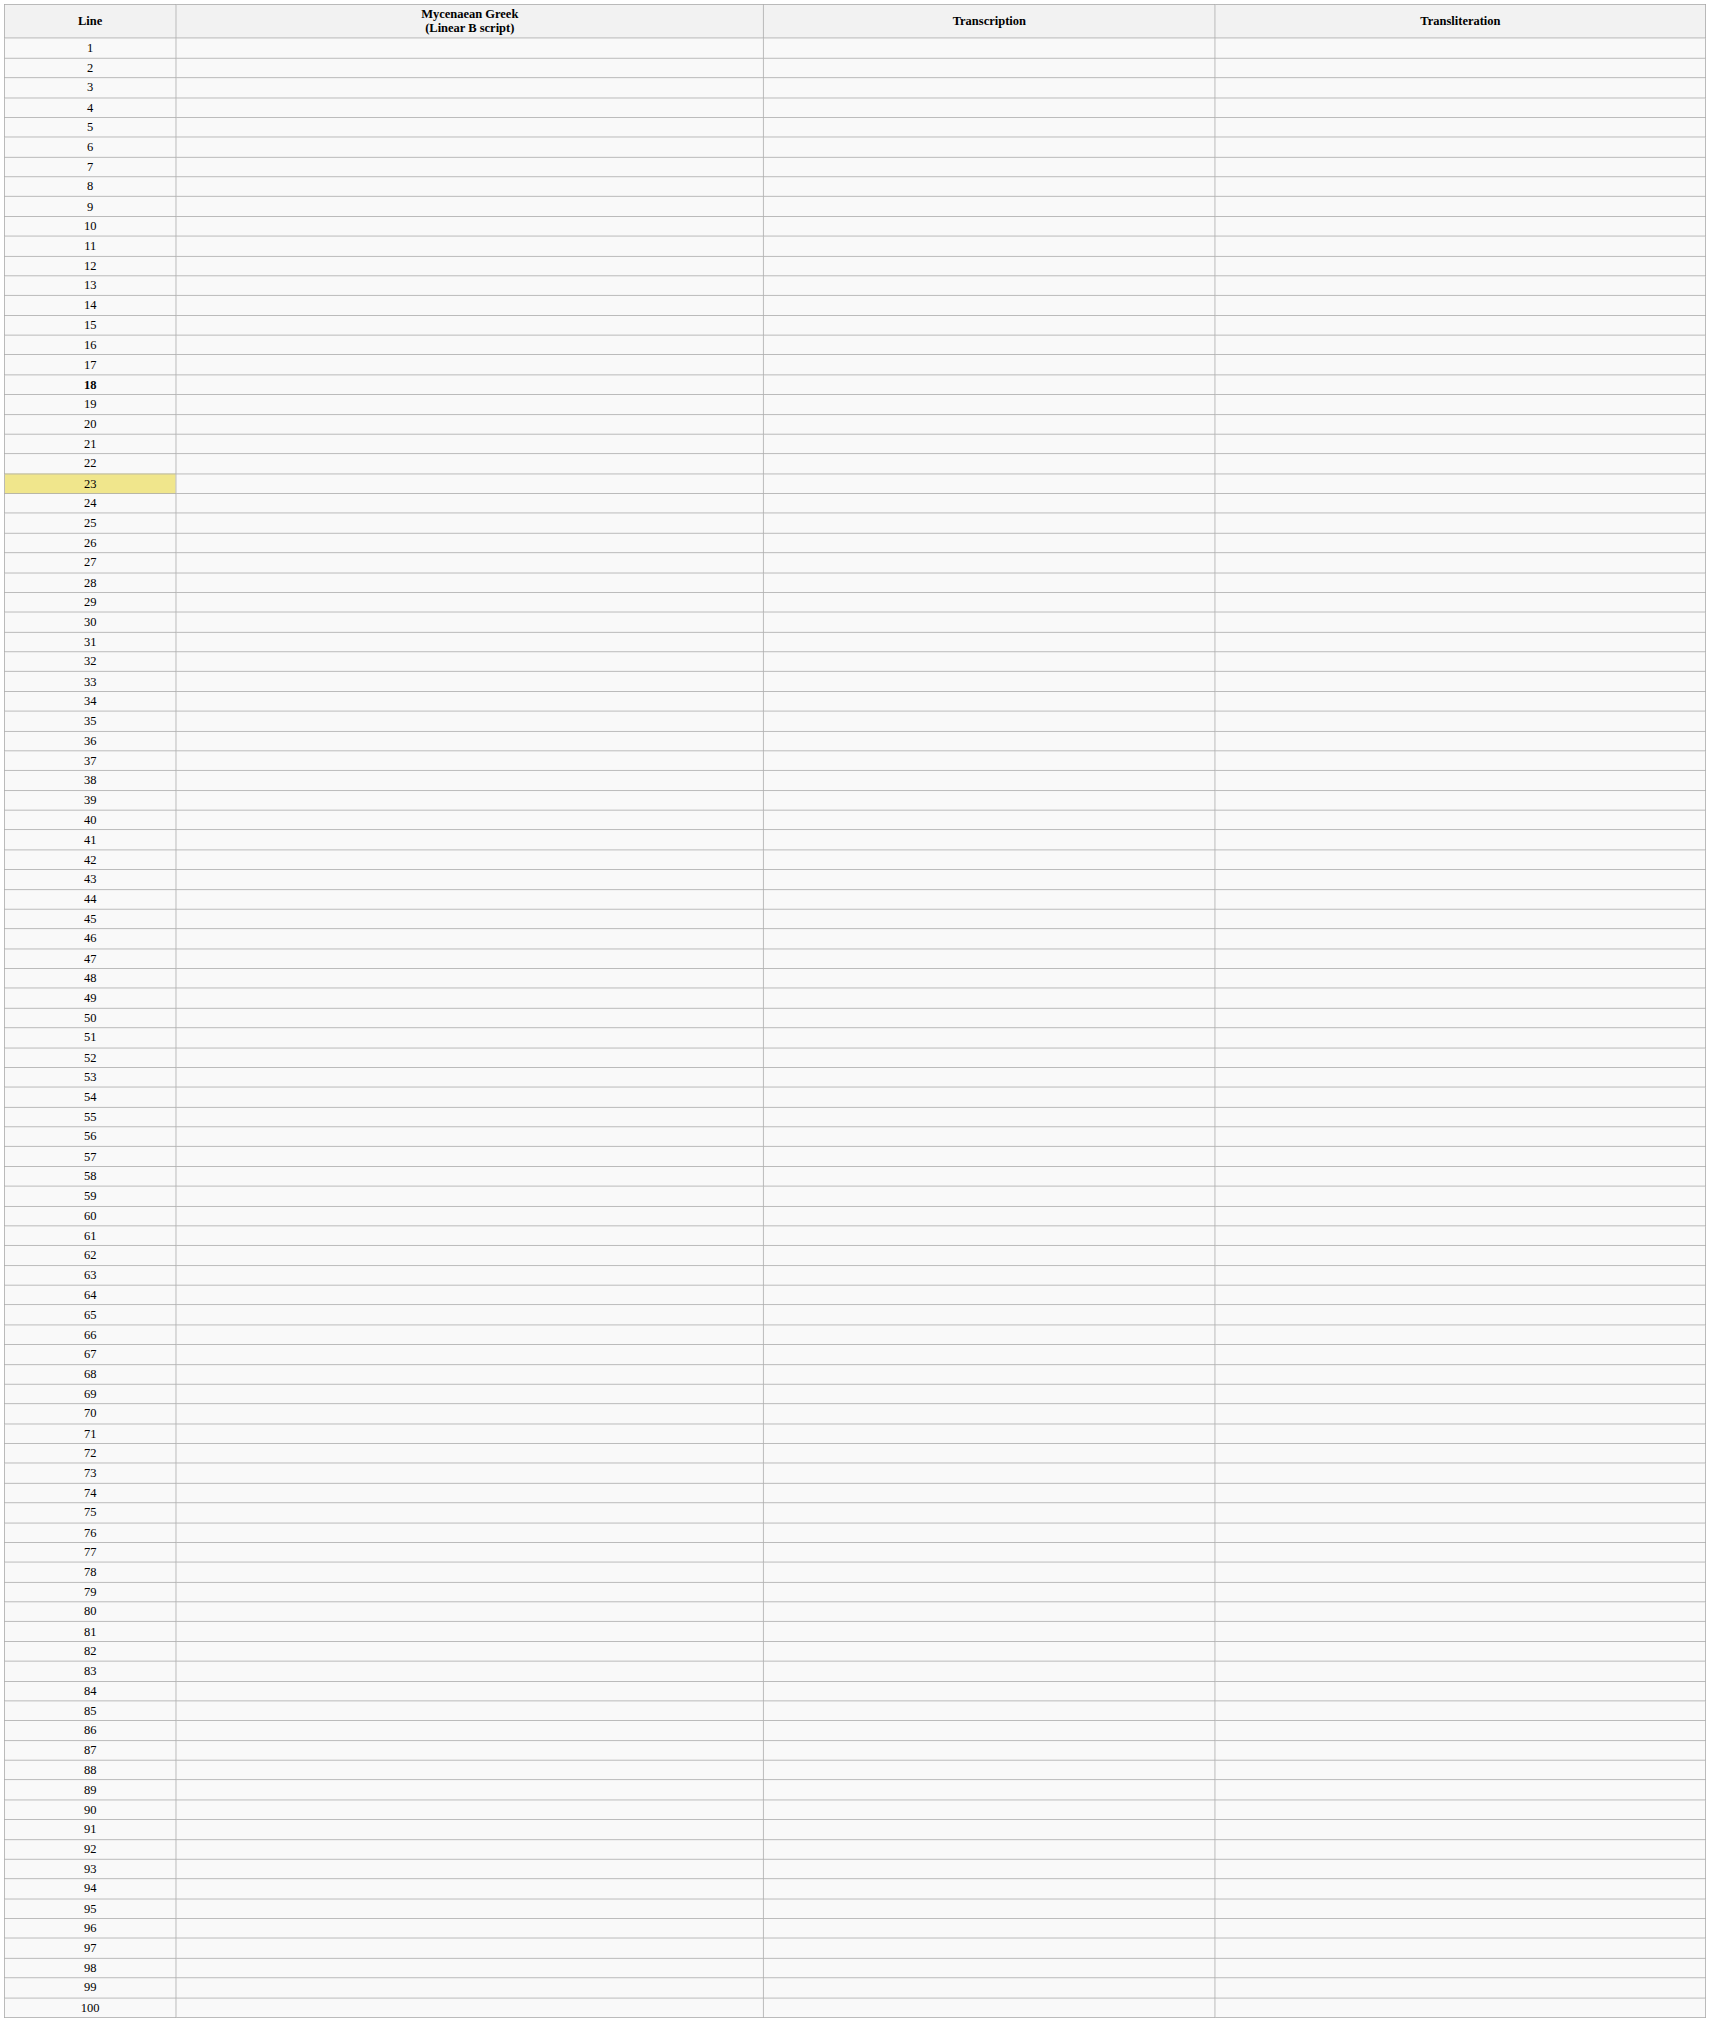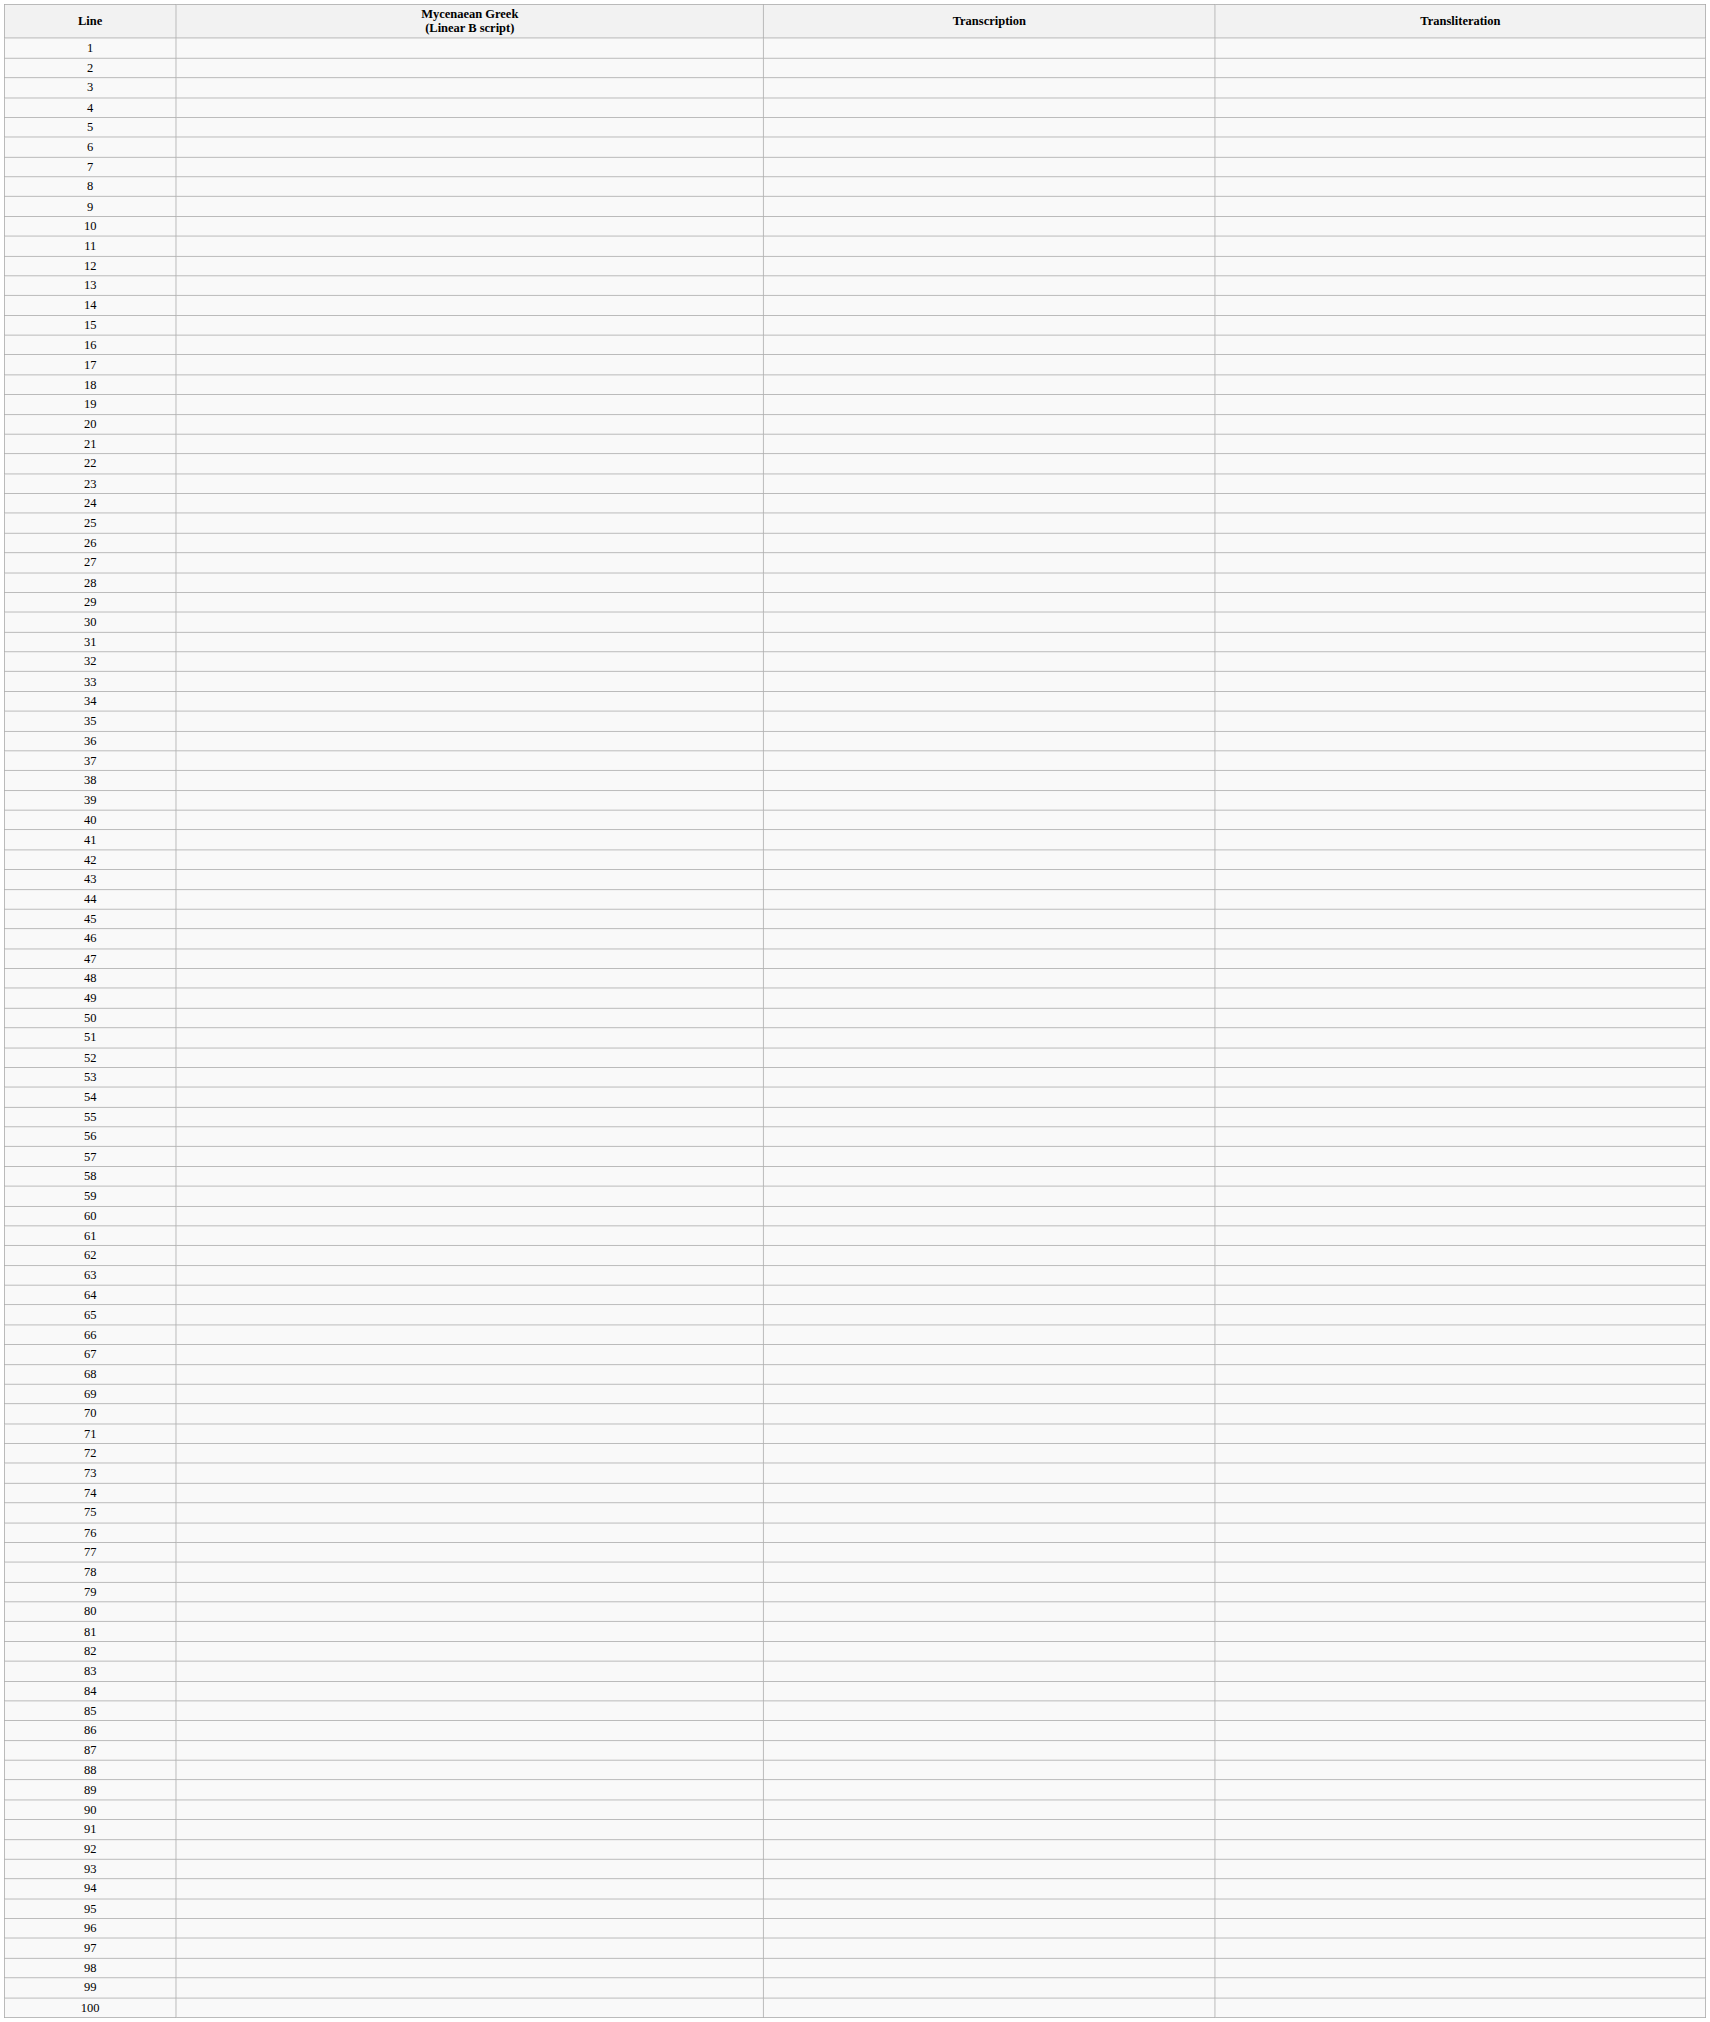 <table class="wikitable mw-collapsible mw-collapsed" style="text-align:center; margin:auto; width:110%;">
 <tr>
 <th>Line</th>
 <th>Mycenaean Greek<br>(Linear B script)</th>
 <th>Transcription</th>
 <th>Transliteration</th>
 </tr>
 <tr>
 <td>1</td>
 <td></td>
 <td></td>
 <td></td>
 </tr>
 <tr>
 <td>2</td>
 <td></td>
 <td></td>
 <td></td>
 </tr>
 <tr>
 <td>3</td>
 <td></td>
 <td></td>
 <td></td>
 </tr>
 <tr>
 <td>4</td>
 <td></td>
 <td></td>
 <td></td>
 </tr>
 <tr>
 <td>5</td>
 <td></td>
 <td></td>
 <td></td>
 </tr>
 <tr>
 <td>6</td>
 <td></td>
 <td></td>
 <td></td>
 </tr>
 <tr>
 <td>7</td>
 <td></td>
 <td></td>
 <td></td>
 </tr>
 <tr>
 <td>8</td>
 <td></td>
 <td></td>
 <td></td>
 </tr>
 <tr>
 <td>9</td>
 <td></td>
 <td></td>
 <td></td>
 </tr>
 <tr>
 <td>10</td>
 <td></td>
 <td></td>
 <td></td>
 </tr>
 <tr>
 <td>11</td>
 <td></td>
 <td></td>
 <td></td>
 </tr>
 <tr>
 <td>12</td>
 <td></td>
 <td></td>
 <td></td>
 </tr>
 <tr>
 <td>13</td>
 <td></td>
 <td></td>
 <td></td>
 </tr>
 <tr>
 <td>14</td>
 <td></td>
 <td></td>
 <td></td>
 </tr>
 <tr>
 <td>15</td>
 <td></td>
 <td></td>
 <td></td>
 </tr>
 <tr>
 <td>16</td>
 <td></td>
 <td></td>
 <td></td>
 </tr>
 <tr>
 <td>17</td>
 <td></td>
 <td></td>
 <td></td>
 </tr>
 <tr>
-<td><strong>18</strong></td>
+<td>18</td>
 <td></td>
 <td></td>
 <td></td>
 </tr>
 <tr>
 <td>19</td>
 <td></td>
 <td></td>
 <td></td>
 </tr>
 <tr>
 <td>20</td>
 <td></td>
 <td></td>
 <td></td>
 </tr>
 <tr>
 <td>21</td>
 <td></td>
 <td></td>
 <td></td>
 </tr>
 <tr>
 <td>22</td>
 <td></td>
 <td></td>
 <td></td>
 </tr>
 <tr>
-<td style="background: khaki;">23</td>
+<td>23</td>
 <td></td>
 <td></td>
 <td></td>
 </tr>
 <tr>
 <td>24</td>
 <td></td>
 <td></td>
 <td></td>
 </tr>
 <tr>
 <td>25</td>
 <td></td>
 <td></td>
 <td></td>
 </tr>
 <tr>
 <td>26</td>
 <td></td>
 <td></td>
 <td></td>
 </tr>
 <tr>
 <td>27</td>
 <td></td>
 <td></td>
 <td></td>
 </tr>
 <tr>
 <td>28</td>
 <td></td>
 <td></td>
 <td></td>
 </tr>
 <tr>
 <td>29</td>
 <td></td>
 <td></td>
 <td></td>
 </tr>
 <tr>
 <td>30</td>
 <td></td>
 <td></td>
 <td></td>
 </tr>
 <tr>
 <td>31</td>
 <td></td>
 <td></td>
 <td></td>
 </tr>
 <tr>
 <td>32</td>
 <td></td>
 <td></td>
 <td></td>
 </tr>
 <tr>
 <td>33</td>
 <td></td>
 <td></td>
 <td></td>
 </tr>
 <tr>
 <td>34</td>
 <td></td>
 <td></td>
 <td></td>
 </tr>
 <tr>
 <td>35</td>
 <td></td>
 <td></td>
 <td></td>
 </tr>
 <tr>
 <td>36</td>
 <td></td>
 <td></td>
 <td></td>
 </tr>
 <tr>
 <td>37</td>
 <td></td>
 <td></td>
 <td></td>
 </tr>
 <tr>
 <td>38</td>
 <td></td>
 <td></td>
 <td></td>
 </tr>
 <tr>
 <td>39</td>
 <td></td>
 <td></td>
 <td></td>
 </tr>
 <tr>
 <td>40</td>
 <td></td>
 <td></td>
 <td></td>
 </tr>
 <tr>
 <td>41</td>
 <td></td>
 <td></td>
 <td></td>
 </tr>
 <tr>
 <td>42</td>
 <td></td>
 <td></td>
 <td></td>
 </tr>
 <tr>
 <td>43</td>
 <td></td>
 <td></td>
 <td></td>
 </tr>
 <tr>
 <td>44</td>
 <td></td>
 <td></td>
 <td></td>
 </tr>
 <tr>
 <td>45</td>
 <td></td>
 <td></td>
 <td></td>
 </tr>
 <tr>
 <td>46</td>
 <td></td>
 <td></td>
 <td></td>
 </tr>
 <tr>
 <td>47</td>
 <td></td>
 <td></td>
 <td></td>
 </tr>
 <tr>
 <td>48</td>
 <td></td>
 <td></td>
 <td></td>
 </tr>
 <tr>
 <td>49</td>
 <td></td>
 <td></td>
 <td></td>
 </tr>
 <tr>
 <td>50</td>
 <td></td>
 <td></td>
 <td></td>
 </tr>
 <tr>
 <td>51</td>
 <td></td>
 <td></td>
 <td></td>
 </tr>
 <tr>
 <td>52</td>
 <td></td>
 <td></td>
 <td></td>
 </tr>
 <tr>
 <td>53</td>
 <td></td>
 <td></td>
 <td></td>
 </tr>
 <tr>
 <td>54</td>
 <td></td>
 <td></td>
 <td></td>
 </tr>
 <tr>
 <td>55</td>
 <td></td>
 <td></td>
 <td></td>
 </tr>
 <tr>
 <td>56</td>
 <td></td>
 <td></td>
 <td></td>
 </tr>
 <tr>
 <td>57</td>
 <td></td>
 <td></td>
 <td></td>
 </tr>
 <tr>
 <td>58</td>
 <td></td>
 <td></td>
 <td></td>
 </tr>
 <tr>
 <td>59</td>
 <td></td>
 <td></td>
 <td></td>
 </tr>
 <tr>
 <td>60</td>
 <td></td>
 <td></td>
 <td></td>
 </tr>
 <tr>
 <td>61</td>
 <td></td>
 <td></td>
 <td></td>
 </tr>
 <tr>
 <td>62</td>
 <td></td>
 <td></td>
 <td></td>
 </tr>
 <tr>
 <td>63</td>
 <td></td>
 <td></td>
 <td></td>
 </tr>
 <tr>
 <td>64</td>
 <td></td>
 <td></td>
 <td></td>
 </tr>
 <tr>
 <td>65</td>
 <td></td>
 <td></td>
 <td></td>
 </tr>
 <tr>
 <td>66</td>
 <td></td>
 <td></td>
 <td></td>
 </tr>
 <tr>
 <td>67</td>
 <td></td>
 <td></td>
 <td></td>
 </tr>
 <tr>
 <td>68</td>
 <td></td>
 <td></td>
 <td></td>
 </tr>
 <tr>
 <td>69</td>
 <td></td>
 <td></td>
 <td></td>
 </tr>
 <tr>
 <td>70</td>
 <td></td>
 <td></td>
 <td></td>
 </tr>
 <tr>
 <td>71</td>
 <td></td>
 <td></td>
 <td></td>
 </tr>
 <tr>
 <td>72</td>
 <td></td>
 <td></td>
 <td></td>
 </tr>
 <tr>
 <td>73</td>
 <td></td>
 <td></td>
 <td></td>
 </tr>
 <tr>
 <td>74</td>
 <td></td>
 <td></td>
 <td></td>
 </tr>
 <tr>
 <td>75</td>
 <td></td>
 <td></td>
 <td></td>
 </tr>
 <tr>
 <td>76</td>
 <td></td>
 <td></td>
 <td></td>
 </tr>
 <tr>
 <td>77</td>
 <td></td>
 <td></td>
 <td></td>
 </tr>
 <tr>
 <td>78</td>
 <td></td>
 <td></td>
 <td></td>
 </tr>
 <tr>
 <td>79</td>
 <td></td>
 <td></td>
 <td></td>
 </tr>
 <tr>
 <td>80</td>
 <td></td>
 <td></td>
 <td></td>
 </tr>
 <tr>
 <td>81</td>
 <td></td>
 <td></td>
 <td></td>
 </tr>
 <tr>
 <td>82</td>
 <td></td>
 <td></td>
 <td></td>
 </tr>
 <tr>
 <td>83</td>
 <td></td>
 <td></td>
 <td></td>
 </tr>
 <tr>
 <td>84</td>
 <td></td>
 <td></td>
 <td></td>
 </tr>
 <tr>
 <td>85</td>
 <td></td>
 <td></td>
 <td></td>
 </tr>
 <tr>
 <td>86</td>
 <td></td>
 <td></td>
 <td></td>
 </tr>
 <tr>
 <td>87</td>
 <td></td>
 <td></td>
 <td></td>
 </tr>
 <tr>
 <td>88</td>
 <td></td>
 <td></td>
 <td></td>
 </tr>
 <tr>
 <td>89</td>
 <td></td>
 <td></td>
 <td></td>
 </tr>
 <tr>
 <td>90</td>
 <td></td>
 <td></td>
 <td></td>
 </tr>
 <tr>
 <td>91</td>
 <td></td>
 <td></td>
 <td></td>
 </tr>
 <tr>
 <td>92</td>
 <td></td>
 <td></td>
 <td></td>
 </tr>
 <tr>
 <td>93</td>
 <td></td>
 <td></td>
 <td></td>
 </tr>
 <tr>
 <td>94</td>
 <td></td>
 <td></td>
 <td></td>
 </tr>
 <tr>
 <td>95</td>
 <td></td>
 <td></td>
 <td></td>
 </tr>
 <tr>
 <td>96</td>
 <td></td>
 <td></td>
 <td></td>
 </tr>
 <tr>
 <td>97</td>
 <td></td>
 <td></td>
 <td></td>
 </tr>
 <tr>
 <td>98</td>
 <td></td>
 <td></td>
 <td></td>
 </tr>
 <tr>
 <td>99</td>
 <td></td>
 <td></td>
 <td></td>
 </tr>
 <tr>
 <td>100</td>
 <td></td>
 <td></td>
 <td></td>
 </tr>
 </table>
